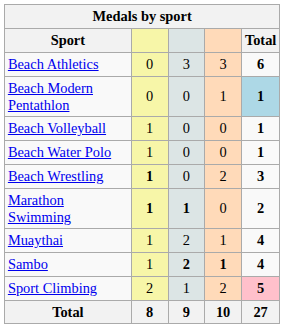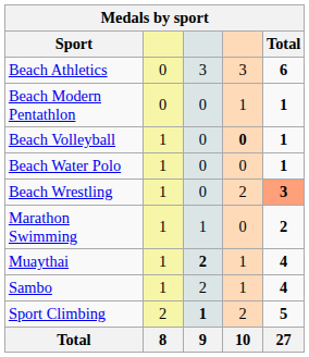 <table class="wikitable" style="font-size:90%; text-align:center;">
 <tr>
 <th colspan=5>Medals by sport</th>
 </tr>
 <tr>
 <th width=120>Sport</th>
 <th scope="col" width=30 style="background:#F7F6A8;"></th>
 <th scope="col" width=30 style="background:#DCE5E5;"></th>
 <th scope="col" width=30 style="background:#FFDAB9;"></th>
 <th width=30>Total</th>
 </tr>
 <tr>
 <td align=left> <a href='#'>Beach Athletics</a></td>
 <td style="background:#F7F6A8;">0</td>
 <td style="background:#DCE5E5;">3</td>
 <td style="background:#FFDAB9;">3</td>
 <td><strong>6</strong></td>
 </tr>
 <tr>
 <td align=left> <a href='#'>Beach Modern Pentathlon</a></td>
 <td style="background:#F7F6A8;">0</td>
 <td style="background:#DCE5E5;">0</td>
 <td style="background:#FFDAB9;">1</td>
-<td style="background: lightblue;"><strong>1</strong></td>
+<td><strong>1</strong></td>
 </tr>
 <tr>
 <td align=left> <a href='#'>Beach Volleyball</a></td>
 <td style="background:#F7F6A8;">1</td>
 <td style="background:#DCE5E5;">0</td>
-<td style="background:#FFDAB9;">0</td>
+<td style="background:#FFDAB9;"><strong>0</strong></td>
 <td><strong>1</strong></td>
 </tr>
 <tr>
 <td align=left> <a href='#'>Beach Water Polo</a></td>
 <td style="background:#F7F6A8;">1</td>
 <td style="background:#DCE5E5;">0</td>
 <td style="background:#FFDAB9;">0</td>
 <td><strong>1</strong></td>
 </tr>
 <tr>
 <td align=left> <a href='#'>Beach Wrestling</a></td>
-<td style="background:#F7F6A8;"><strong>1</strong></td>
+<td style="background:#F7F6A8;">1</td>
 <td style="background:#DCE5E5;">0</td>
 <td style="background:#FFDAB9;">2</td>
-<td><strong>3</strong></td>
+<td style="background: lightsalmon;"><strong>3</strong></td>
 </tr>
 <tr>
 <td align=left> <a href='#'>Marathon Swimming</a></td>
-<td style="background:#F7F6A8;"><strong>1</strong></td>
-<td style="background:#DCE5E5;"><strong>1</strong></td>
+<td style="background:#F7F6A8;">1</td>
+<td style="background:#DCE5E5;">1</td>
 <td style="background:#FFDAB9;">0</td>
 <td><strong>2</strong></td>
 </tr>
 <tr>
 <td align=left> <a href='#'>Muaythai</a></td>
 <td style="background:#F7F6A8;">1</td>
-<td style="background:#DCE5E5;">2</td>
+<td style="background:#DCE5E5;"><strong>2</strong></td>
 <td style="background:#FFDAB9;">1</td>
 <td><strong>4</strong></td>
 </tr>
 <tr>
 <td align=left> <a href='#'>Sambo</a></td>
 <td style="background:#F7F6A8;">1</td>
-<td style="background:#DCE5E5;"><strong>2</strong></td>
-<td style="background:#FFDAB9;"><strong>1</strong></td>
+<td style="background:#DCE5E5;">2</td>
+<td style="background:#FFDAB9;">1</td>
 <td><strong>4</strong></td>
 </tr>
 <tr>
 <td align=left> <a href='#'>Sport Climbing</a></td>
 <td style="background:#F7F6A8;">2</td>
-<td style="background:#DCE5E5;">1</td>
+<td style="background:#DCE5E5;"><strong>1</strong></td>
 <td style="background:#FFDAB9;">2</td>
-<td style="background: pink;"><strong>5</strong></td>
+<td><strong>5</strong></td>
 </tr>
 <tr class="sortbottom">
 <th>Total</th>
 <th>8</th>
 <th>9</th>
 <th>10</th>
 <th>27</th>
 </tr>
 </table>
